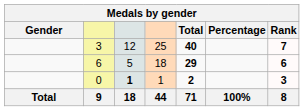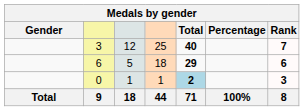 <table class="wikitable" style="font-size:90%; text-align:center">
 <tr style="background:#efefef;">
 <th colspan="7"><strong>Medals by gender</strong></th>
 </tr>
 <tr>
 <th width="100"><strong>Gender</strong></th>
 <th width="35" style="background:#F7F6A8;"> </th>
 <th width="35" style="background:#DCE5E5;"></th>
 <th width="35" style="background:#FFDAB9;"></th>
 <th width="30"><strong>Total</strong></th>
 <th width="30"><strong>Percentage</strong></th>
 <th width="30"><strong>Rank</strong></th>
 </tr>
 <tr>
 <td></td>
 <td style="background:#F7F6A8;">3</td>
 <td style="background:#DCE5E5;">12</td>
 <td style="background:#FFDAB9;">25</td>
 <td><strong>40</strong></td>
 <td></td>
 <td style="background:#FFFAFA;"><strong>7</strong></td>
 </tr>
 <tr>
 <td></td>
 <td style="background:#F7F6A8;">6</td>
 <td style="background:#DCE5E5;">5</td>
 <td style="background:#FFDAB9;">18</td>
 <td><strong>29</strong></td>
 <td></td>
 <td style="background:#FFFAFA;"><strong>6</strong></td>
 </tr>
 <tr>
 <td></td>
 <td style="background:#F7F6A8;">0</td>
-<td style="background:#DCE5E5;"><strong>1</strong></td>
+<td style="background:#DCE5E5;">1</td>
 <td style="background:#FFDAB9;">1</td>
-<td><strong>2</strong></td>
+<td style="background: lightblue;"><strong>2</strong></td>
 <td></td>
 <td style="background:#FFFAFA;"><strong>3</strong></td>
 </tr>
 <tr>
 <th colspan="1"><strong>Total</strong></th>
 <th>9</th>
 <th>18</th>
 <th>44</th>
 <th>71</th>
 <th>100%</th>
 <th>8</th>
 </tr>
 </table>
